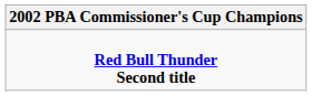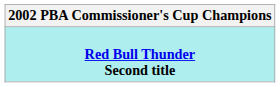 <table class=wikitable style="text-align:center; margin:auto">
 <tr>
 <th>2002 PBA Commissioner's Cup Champions</th>
 </tr>
 <tr>
-<td><br> <strong><a href='#'>Red Bull Thunder</a></strong> <br> <strong>Second title</strong></td>
+<td style="background: paleturquoise;"><br> <strong><a href='#'>Red Bull Thunder</a></strong> <br> <strong>Second title</strong></td>
 </tr>
 </table>
